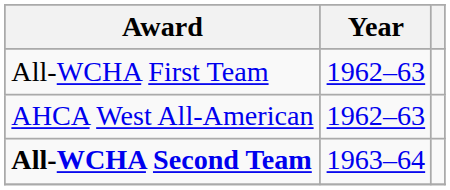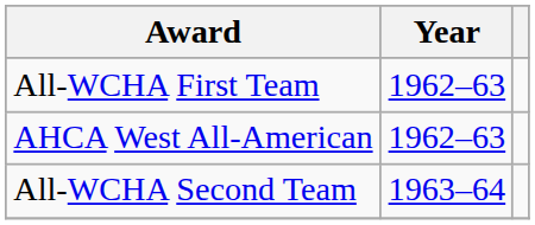 <table class="wikitable">
 <tr>
 <th>Award</th>
 <th>Year</th>
 <th></th>
 </tr>
 <tr>
 <td>All-<a href='#'>WCHA</a> <a href='#'>First Team</a></td>
 <td><a href='#'>1962–63</a></td>
 <td></td>
 </tr>
 <tr>
 <td><a href='#'>AHCA</a> <a href='#'>West All-American</a></td>
 <td><a href='#'>1962–63</a></td>
 <td></td>
 </tr>
 <tr>
-<td><strong>All-<a href='#'>WCHA</a> <a href='#'>Second Team</a></strong></td>
+<td>All-<a href='#'>WCHA</a> <a href='#'>Second Team</a></td>
 <td><a href='#'>1963–64</a></td>
 <td></td>
 </tr>
 <tr>
 </tr>
 </table>
